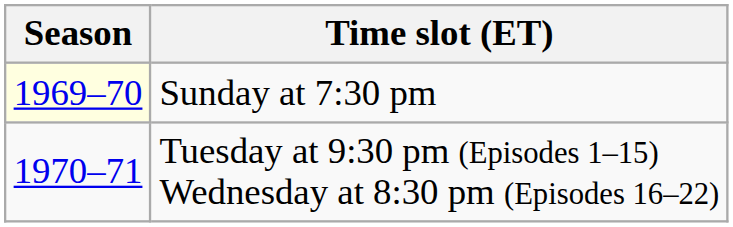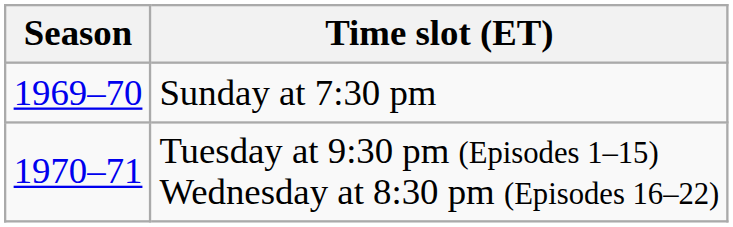 <table class="wikitable">
 <tr>
 <th>Season</th>
 <th>Time slot (ET)</th>
 </tr>
 <tr>
-<td style="background: lightyellow;"><a href='#'>1969–70</a></td>
+<td><a href='#'>1969–70</a></td>
 <td>Sunday at 7:30 pm</td>
 </tr>
 <tr>
 <td><a href='#'>1970–71</a></td>
 <td>Tuesday at 9:30 pm <small>(Episodes 1–15)</small><br>Wednesday at 8:30 pm <small>(Episodes 16–22)</small></td>
 </tr>
 </table>
